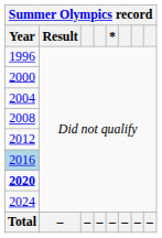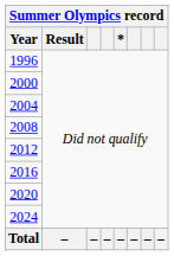 <table class="wikitable" style="text-align: center;">
 <tr>
 <th colspan=8><a href='#'>Summer Olympics</a> record</th>
 </tr>
 <tr>
 <th>Year</th>
 <th>Result</th>
 <th></th>
 <th></th>
 <th>*</th>
 <th></th>
 <th></th>
 <th></th>
 </tr>
 <tr>
 <td> <a href='#'>1996</a></td>
 <td colspan=7 rowspan=8><em>Did not qualify</em></td>
 </tr>
 <tr>
 <td> <a href='#'>2000</a></td>
 </tr>
 <tr>
 <td> <a href='#'>2004</a></td>
 </tr>
 <tr>
 <td> <a href='#'>2008</a></td>
 </tr>
 <tr>
 <td> <a href='#'>2012</a></td>
 </tr>
 <tr>
-<td style="background: lightblue;"> <a href='#'>2016</a></td>
+<td> <a href='#'>2016</a></td>
 </tr>
 <tr>
-<td><strong> <a href='#'>2020</a></strong></td>
+<td> <a href='#'>2020</a></td>
 </tr>
 <tr>
 <td> <a href='#'>2024</a></td>
 </tr>
 <tr>
 <th>Total</th>
 <th>–</th>
 <th>–</th>
 <th>–</th>
 <th>–</th>
 <th>–</th>
 <th>–</th>
 <th>–</th>
 </tr>
 </table>
